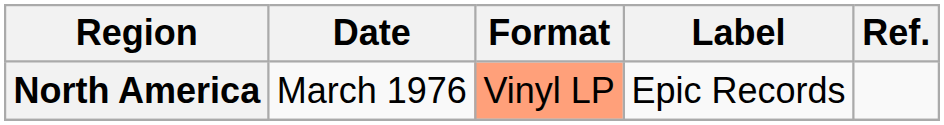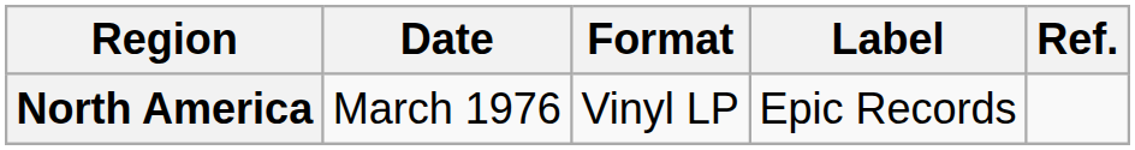 <table class="wikitable plainrowheaders">
 <tr>
 <th scope="col">Region</th>
 <th scope="col">Date</th>
 <th scope="col">Format</th>
 <th scope="col">Label</th>
 <th scope="col">Ref.</th>
 </tr>
 <tr>
 <th scope="row">North America</th>
 <td>March 1976</td>
-<td style="background: lightsalmon;">Vinyl LP</td>
+<td>Vinyl LP</td>
 <td>Epic Records</td>
 <td></td>
 </tr>
 <tr>
 </tr>
 </table>
